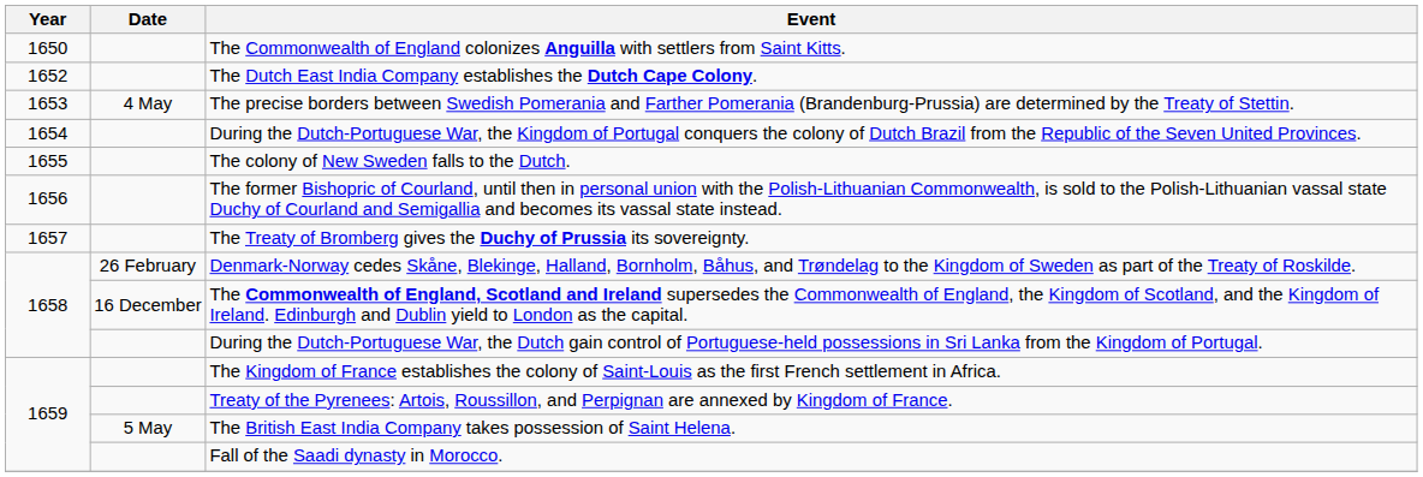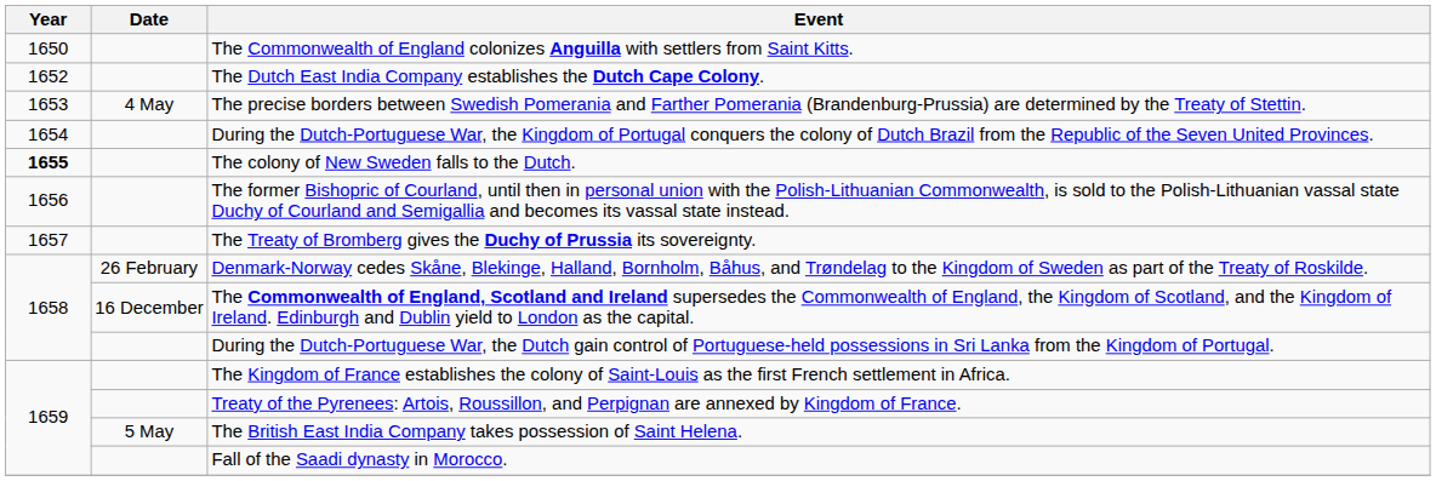 <table class=wikitable style="width:100%;">
 <tr>
 <th style="width:6%">Year</th>
 <th style="width:8%">Date</th>
 <th style="width:86%">Event</th>
 </tr>
 <tr>
 <td align=center>1650</td>
 <td></td>
 <td>The <a href='#'>Commonwealth of England</a> colonizes <strong><a href='#'>Anguilla</a></strong> with settlers from <a href='#'>Saint Kitts</a>.</td>
 </tr>
 <tr>
 <td align=center>1652</td>
 <td></td>
 <td>The <a href='#'>Dutch East India Company</a> establishes the <strong><a href='#'>Dutch Cape Colony</a></strong>.</td>
 </tr>
 <tr>
 <td align=center>1653</td>
 <td align=center>4 May</td>
 <td>The precise borders between <a href='#'>Swedish Pomerania</a> and <a href='#'>Farther Pomerania</a> (Brandenburg-Prussia) are determined by the <a href='#'>Treaty of Stettin</a>.</td>
 </tr>
 <tr>
 <td align=center>1654</td>
 <td></td>
 <td>During the <a href='#'>Dutch-Portuguese War</a>, the <a href='#'>Kingdom of Portugal</a> conquers the colony of <a href='#'>Dutch Brazil</a> from the <a href='#'>Republic of the Seven United Provinces</a>.</td>
 </tr>
 <tr>
-<td align=center>1655</td>
+<td align=center><strong>1655</strong></td>
 <td></td>
 <td>The colony of <a href='#'>New Sweden</a> falls to the <a href='#'>Dutch</a>.</td>
 </tr>
 <tr>
 <td align=center>1656</td>
 <td></td>
 <td>The former <a href='#'>Bishopric of Courland</a>, until then in <a href='#'>personal union</a> with the <a href='#'>Polish-Lithuanian Commonwealth</a>, is sold to the Polish-Lithuanian vassal state <a href='#'>Duchy of Courland and Semigallia</a> and becomes its vassal state instead.</td>
 </tr>
 <tr>
 <td align=center>1657</td>
 <td></td>
 <td>The <a href='#'>Treaty of Bromberg</a> gives the <strong><a href='#'>Duchy of Prussia</a></strong> its sovereignty.</td>
 </tr>
 <tr>
 <td rowspan=3 align=center>1658</td>
 <td align=center>26 February</td>
 <td><a href='#'>Denmark-Norway</a> cedes <a href='#'>Skåne</a>, <a href='#'>Blekinge</a>, <a href='#'>Halland</a>, <a href='#'>Bornholm</a>, <a href='#'>Båhus</a>, and <a href='#'>Trøndelag</a> to the <a href='#'>Kingdom of Sweden</a> as part of the <a href='#'>Treaty of Roskilde</a>.</td>
 </tr>
 <tr>
 <td align=center>16 December</td>
 <td>The <strong><a href='#'>Commonwealth of England, Scotland and Ireland</a></strong> supersedes the <a href='#'>Commonwealth of England</a>, the <a href='#'>Kingdom of Scotland</a>, and the <a href='#'>Kingdom of Ireland</a>. <a href='#'>Edinburgh</a> and <a href='#'>Dublin</a> yield to <a href='#'>London</a> as the capital.</td>
 </tr>
 <tr>
 <td></td>
 <td>During the <a href='#'>Dutch-Portuguese War</a>, the <a href='#'>Dutch</a> gain control of <a href='#'>Portuguese-held possessions in Sri Lanka</a> from the <a href='#'>Kingdom of Portugal</a>.</td>
 </tr>
 <tr>
 <td rowspan="4" align="center">1659</td>
 <td></td>
 <td>The <a href='#'>Kingdom of France</a> establishes the colony of <a href='#'>Saint-Louis</a> as the first French settlement in Africa.</td>
 </tr>
 <tr>
 <td></td>
 <td><a href='#'>Treaty of the Pyrenees</a>: <a href='#'>Artois</a>, <a href='#'>Roussillon</a>, and <a href='#'>Perpignan</a> are annexed by <a href='#'>Kingdom of France</a>.</td>
 </tr>
 <tr>
 <td align=center>5 May</td>
 <td>The <a href='#'>British East India Company</a> takes possession of <a href='#'>Saint Helena</a>.</td>
 </tr>
 <tr>
 <td></td>
 <td>Fall of the <a href='#'>Saadi dynasty</a> in <a href='#'>Morocco</a>.</td>
 </tr>
 <tr>
 </tr>
 </table>
